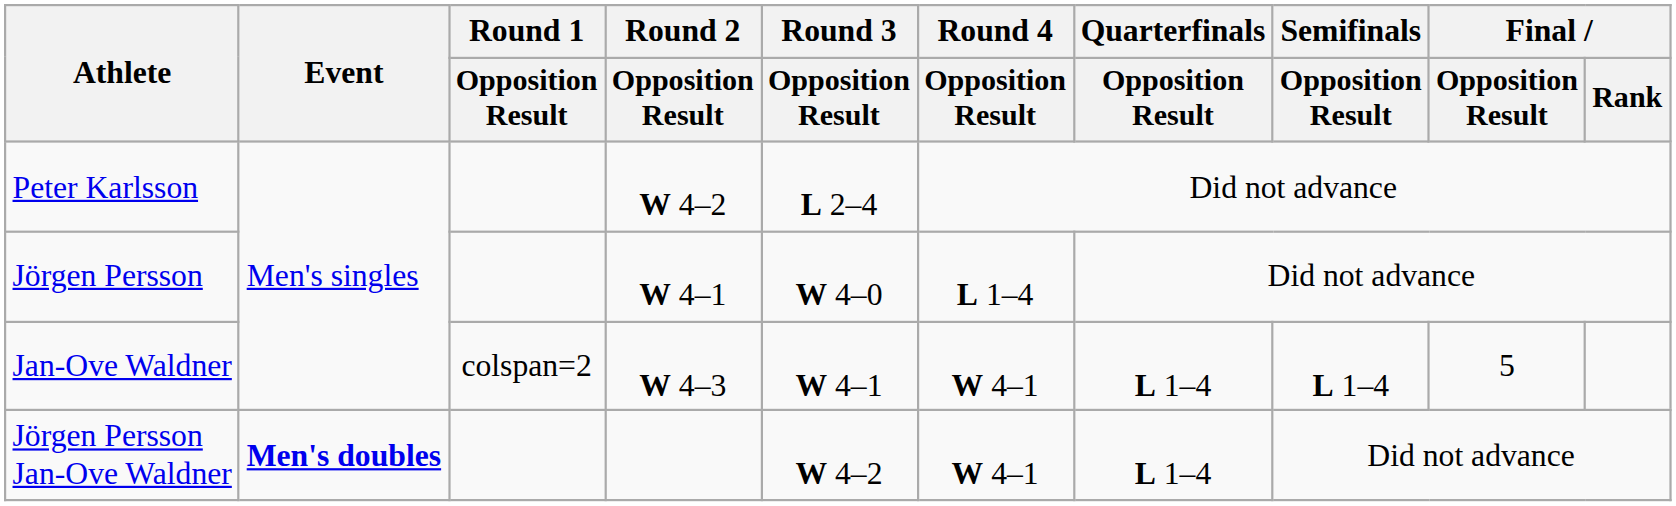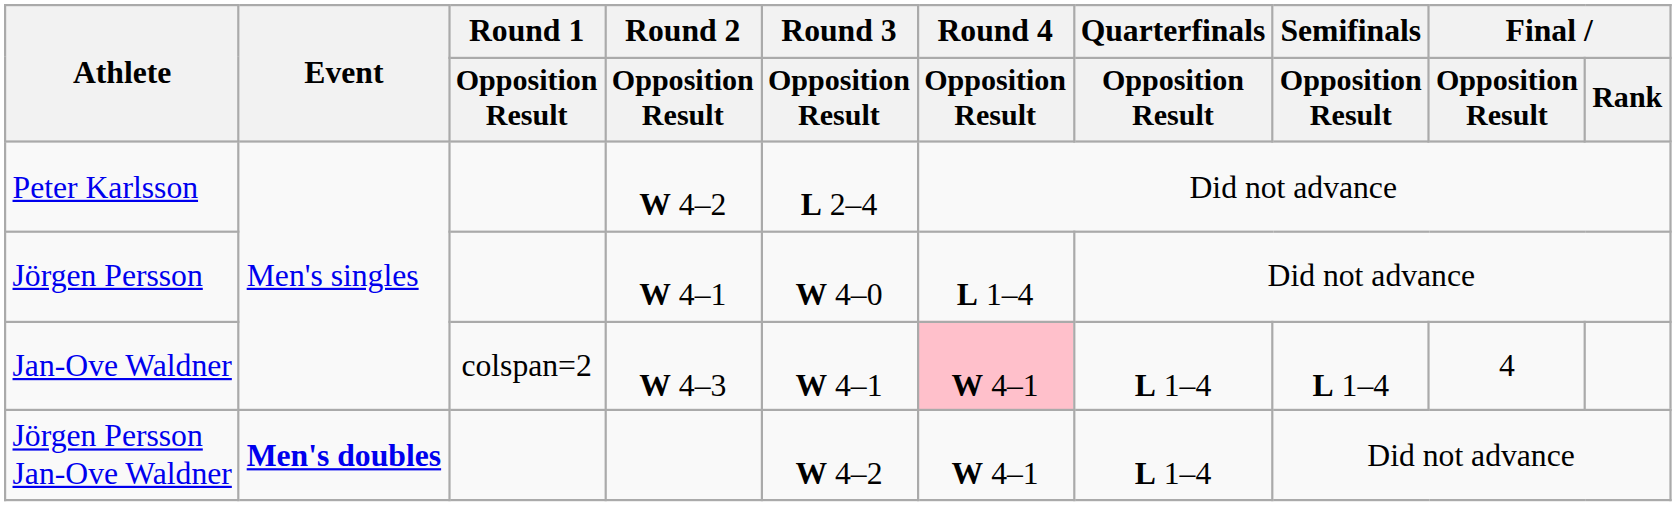 <table class="wikitable" style="font-size:90%">
 <tr>
 <th rowspan="2">Athlete</th>
 <th rowspan="2">Event</th>
 <th>Round 1</th>
 <th>Round 2</th>
 <th>Round 3</th>
 <th>Round 4</th>
 <th>Quarterfinals</th>
 <th>Semifinals</th>
 <th colspan=2>Final / </th>
 </tr>
 <tr style="font-size:95%">
 <th>Opposition<br>Result</th>
 <th>Opposition<br>Result</th>
 <th>Opposition<br>Result</th>
 <th>Opposition<br>Result</th>
 <th>Opposition<br>Result</th>
 <th>Opposition<br>Result</th>
 <th>Opposition<br>Result</th>
 <th>Rank</th>
 </tr>
 <tr align=center>
 <td align=left><a href='#'>Peter Karlsson</a></td>
 <td align=left rowspan=3><a href='#'>Men's singles</a></td>
 <td></td>
 <td><br><strong>W</strong> 4–2</td>
 <td align=center><br><strong>L</strong> 2–4</td>
 <td colspan=5>Did not advance</td>
 </tr>
 <tr align=center>
 <td align=left><a href='#'>Jörgen Persson</a></td>
 <td></td>
 <td><br><strong>W</strong> 4–1</td>
 <td><br><strong>W</strong> 4–0</td>
 <td><br><strong>L</strong> 1–4</td>
 <td colspan=4>Did not advance</td>
 </tr>
 <tr align=center>
 <td align=left><a href='#'>Jan-Ove Waldner</a></td>
 <td>colspan=2 </td>
 <td align=center><br><strong>W</strong> 4–3</td>
 <td><br><strong>W</strong> 4–1</td>
-<td><br><strong>W</strong> 4–1</td>
+<td style="background: pink;"><br><strong>W</strong> 4–1</td>
 <td><br><strong>L</strong> 1–4</td>
 <td><br><strong>L</strong> 1–4</td>
-<td>5</td>
+<td>4</td>
 </tr>
 <tr align=center>
 <td align=left><a href='#'>Jörgen Persson</a><br><a href='#'>Jan-Ove Waldner</a></td>
 <td align=left><strong><a href='#'>Men's doubles</a></strong></td>
 <td></td>
 <td></td>
 <td><br><strong>W</strong> 4–2</td>
 <td><br><strong>W</strong> 4–1</td>
 <td><br><strong>L</strong> 1–4</td>
 <td colspan=3>Did not advance</td>
 </tr>
 </table>
